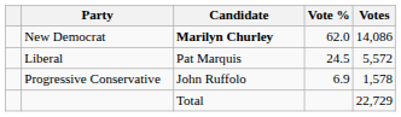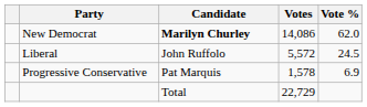 <table class="wikitable">
 <tr>
 <th></th>
 <th scope="col" width="175">Party</th>
 <th scope="col" width="150">Candidate</th>
+<th>Votes</th>
 <th>Vote %</th>
-<th>Votes</th>
 </tr>
 <tr>
 <td>   </td>
 <td>New Democrat</td>
 <td><strong>Marilyn Churley</strong></td>
+<td align=right>14,086</td>
 <td align=right>62.0</td>
-<td align=right>14,086</td>
 </tr>
 <tr |>
 <td>   </td>
 <td>Liberal</td>
-<td>Pat Marquis</td>
+<td>John Ruffolo</td>
+<td align=right>5,572</td>
 <td align=right>24.5</td>
-<td align=right>5,572</td>
 </tr>
 <tr |>
 <td>   </td>
 <td>Progressive Conservative</td>
-<td>John Ruffolo</td>
+<td>Pat Marquis</td>
+<td align=right>1,578</td>
 <td align=right>6.9<br> </td>
-<td align=right>1,578</td>
 </tr>
 <tr |>
 <td></td>
 <td></td>
 <td>Total</td>
+<td align=right>22,729</td>
 <td></td>
-<td align=right>22,729</td>
 </tr>
 </table>
